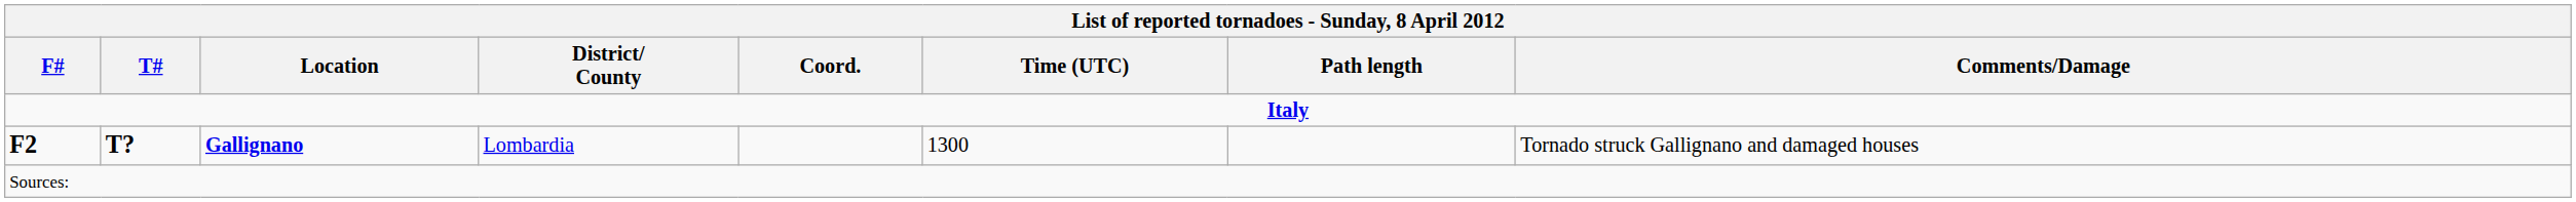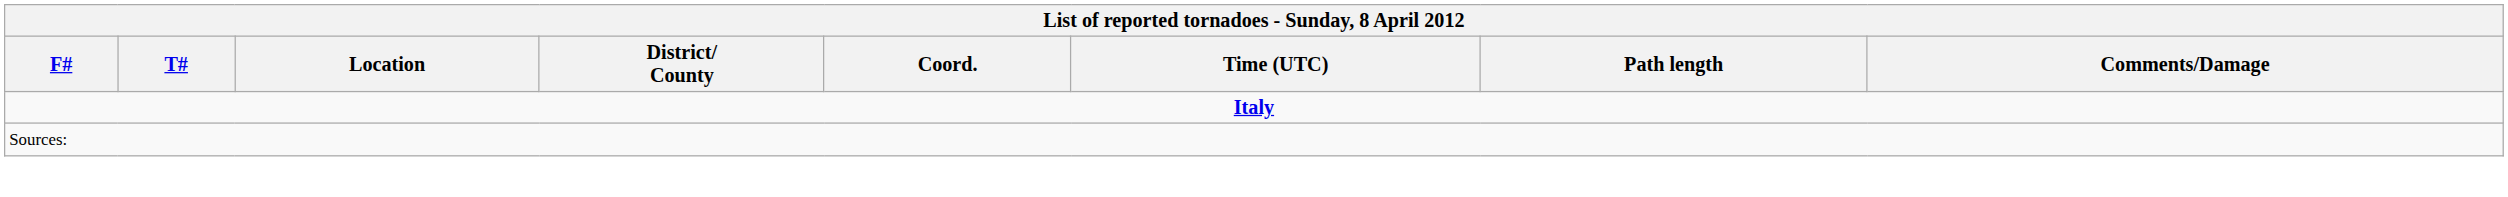 <table class="wikitable collapsible" width="100%">
 <tr>
 <th colspan="8">List of reported tornadoes - Sunday, 8 April 2012</th>
 </tr>
 <tr>
 <th><a href='#'>F#</a></th>
 <th><a href='#'>T#</a></th>
 <th>Location</th>
 <th>District/<br>County</th>
 <th>Coord.</th>
 <th>Time (UTC)</th>
 <th>Path length</th>
 <th>Comments/Damage</th>
 </tr>
 <tr>
 <td colspan="8" align=center><strong><a href='#'>Italy</a></strong></td>
 </tr>
 <tr>
-<td><big><strong>F2</strong></big></td>
-<td><big><strong>T?</strong></big></td>
-<td><strong><a href='#'>Gallignano</a></strong></td>
-<td><a href='#'>Lombardia</a></td>
-<td></td>
-<td>1300</td>
-<td></td>
-<td>Tornado struck Gallignano and damaged houses</td>
-</tr>
-<tr>
 <td colspan="8"><small>Sources:  </small></td>
 </tr>
 </table>
